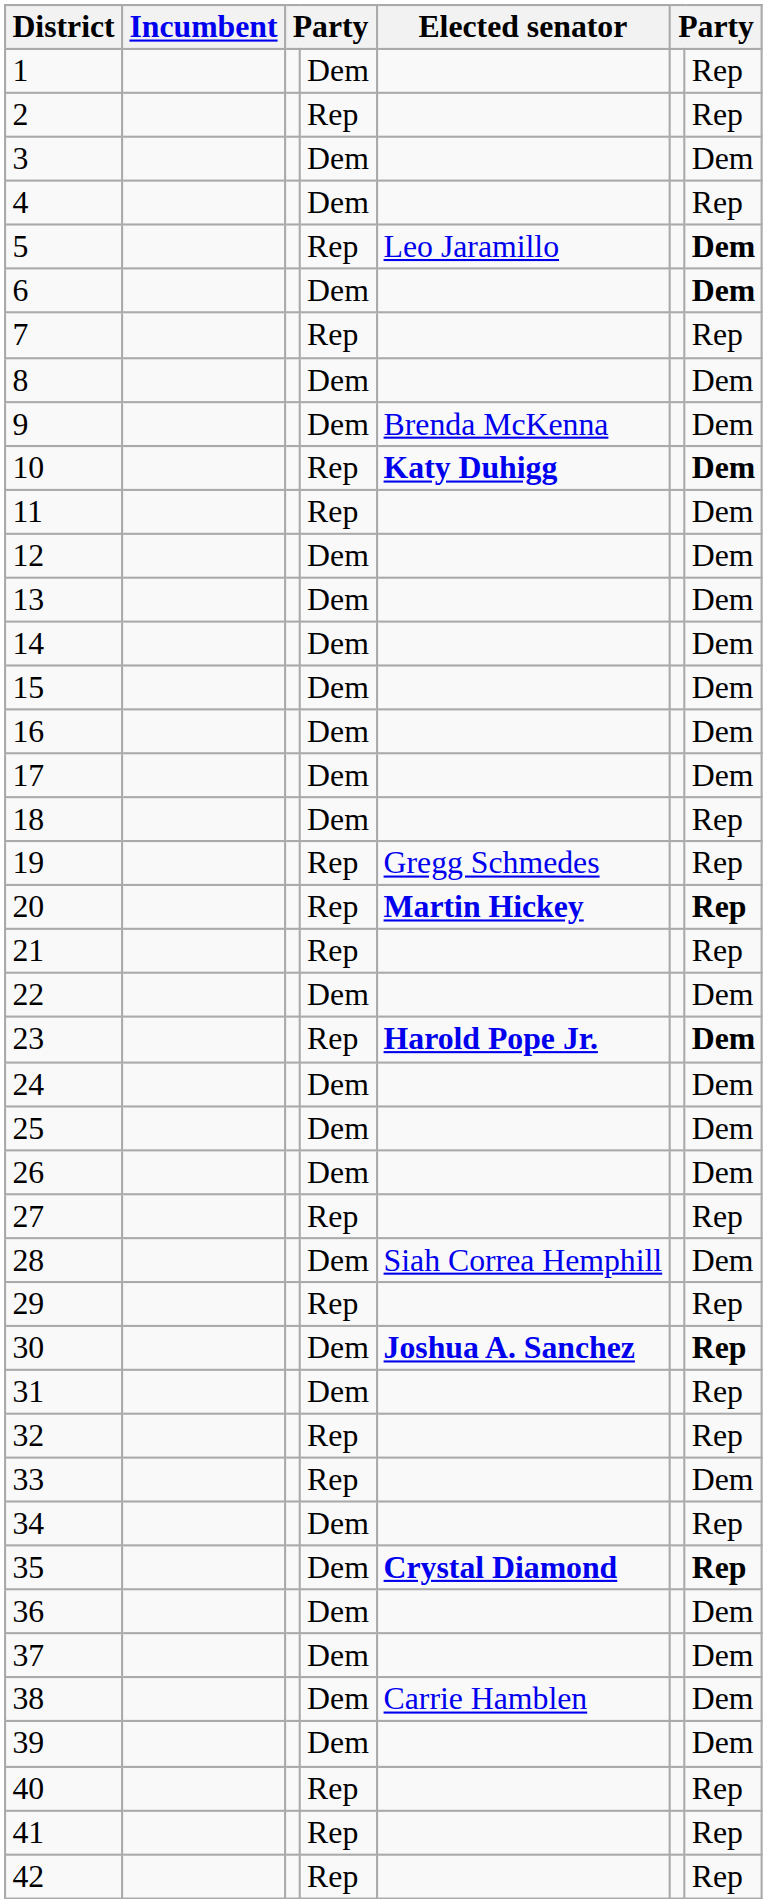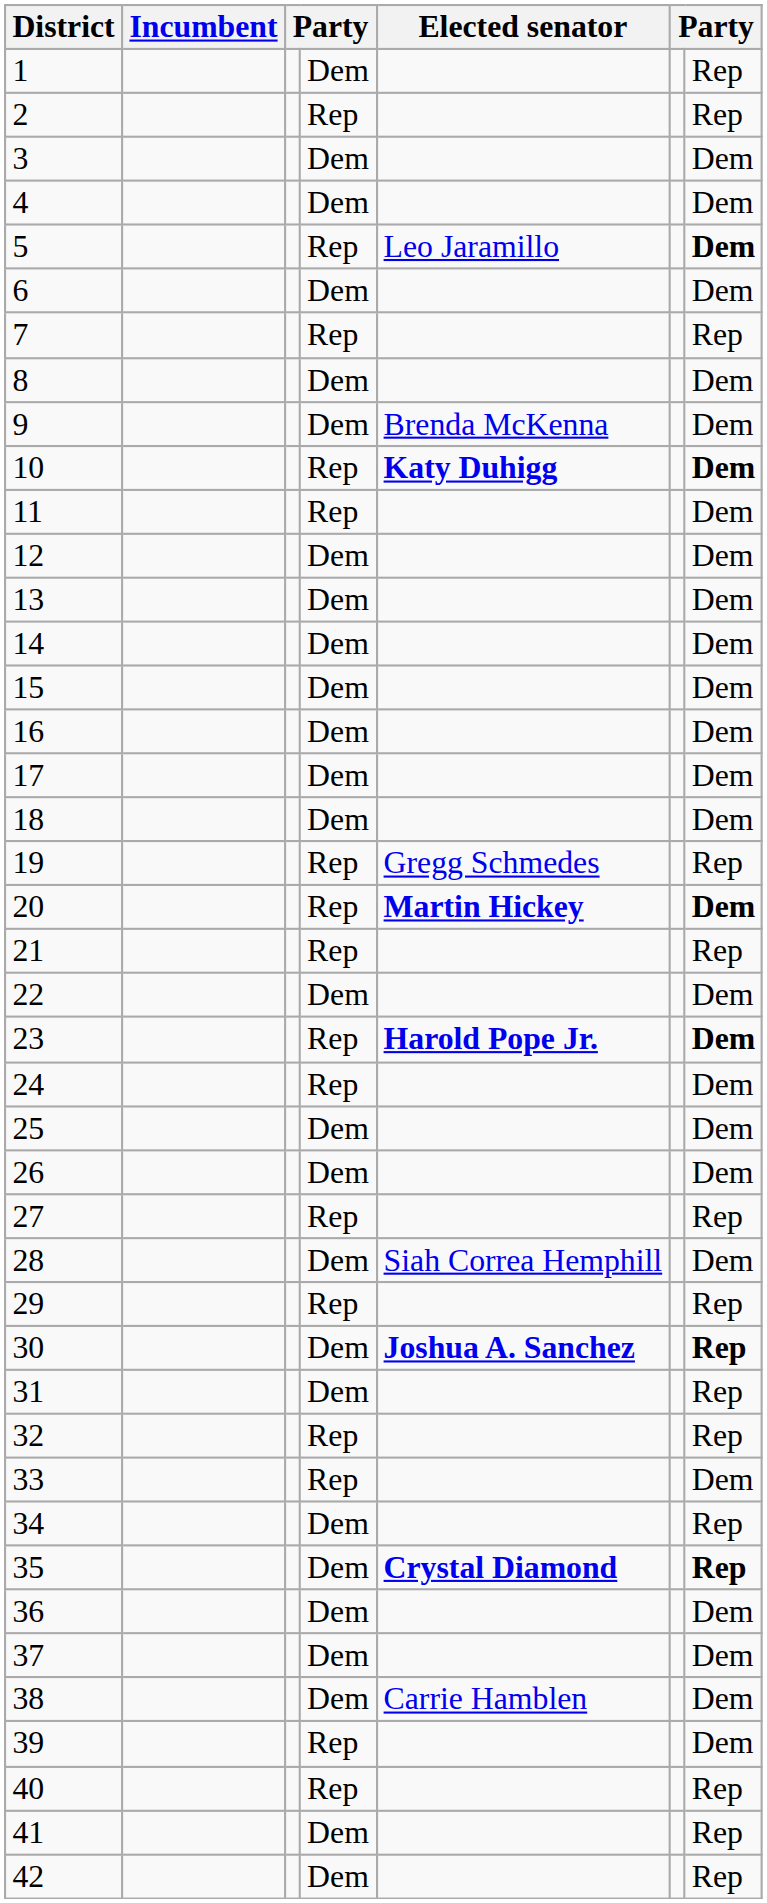 <table class="wikitable sortable" style="font-size:95%;line-height:14px;">
 <tr>
 <th>District</th>
 <th><a href='#'>Incumbent</a></th>
 <th colspan=2>Party</th>
 <th>Elected senator</th>
 <th colspan=2>Party</th>
 </tr>
 <tr>
 <td>1</td>
 <td></td>
 <td style="background:"></td>
 <td>Dem</td>
 <td></td>
 <td style="background:"></td>
 <td>Rep</td>
 </tr>
 <tr>
 <td>2</td>
 <td></td>
 <td style="background:"></td>
 <td>Rep</td>
 <td></td>
 <td style="background:"></td>
 <td>Rep</td>
 </tr>
 <tr>
 <td>3</td>
 <td></td>
 <td style="background:"></td>
 <td>Dem</td>
 <td></td>
 <td style="background:"></td>
 <td>Dem</td>
 </tr>
 <tr>
 <td>4</td>
 <td></td>
 <td style="background:"></td>
 <td>Dem</td>
 <td></td>
 <td style="background:"></td>
-<td>Rep</td>
+<td>Dem</td>
 </tr>
 <tr>
 <td>5</td>
 <td></td>
 <td style="background:"></td>
 <td>Rep</td>
 <td sortname><a href='#'>Leo Jaramillo</a></td>
 <td style="background:"></td>
 <td><strong>Dem</strong></td>
 </tr>
 <tr>
 <td>6</td>
 <td></td>
 <td style="background:"></td>
 <td>Dem</td>
 <td></td>
 <td style="background:"></td>
-<td><strong>Dem</strong></td>
+<td>Dem</td>
 </tr>
 <tr>
 <td>7</td>
 <td></td>
 <td style="background:"></td>
 <td>Rep</td>
 <td></td>
 <td style="background:"></td>
 <td>Rep</td>
 </tr>
 <tr>
 <td>8</td>
 <td></td>
 <td style="background:"></td>
 <td>Dem</td>
 <td></td>
 <td style="background:"></td>
 <td>Dem</td>
 </tr>
 <tr>
 <td>9</td>
 <td></td>
 <td style="background:"></td>
 <td>Dem</td>
 <td sortname><a href='#'>Brenda McKenna</a></td>
 <td style="background:"></td>
 <td>Dem</td>
 </tr>
 <tr>
 <td>10</td>
 <td></td>
 <td style="background:"></td>
 <td>Rep</td>
 <td sortname><strong><a href='#'>Katy Duhigg</a></strong></td>
 <td style="background:"></td>
 <td><strong>Dem</strong></td>
 </tr>
 <tr>
 <td>11</td>
 <td></td>
 <td style="background:"></td>
 <td>Rep</td>
 <td></td>
 <td style="background:"></td>
 <td>Dem</td>
 </tr>
 <tr>
 <td>12</td>
 <td></td>
 <td style="background:"></td>
 <td>Dem</td>
 <td></td>
 <td style="background:"></td>
 <td>Dem</td>
 </tr>
 <tr>
 <td>13</td>
 <td></td>
 <td style="background:"></td>
 <td>Dem</td>
 <td></td>
 <td style="background:"></td>
 <td>Dem</td>
 </tr>
 <tr>
 <td>14</td>
 <td></td>
 <td style="background:"></td>
 <td>Dem</td>
 <td></td>
 <td style="background:"></td>
 <td>Dem</td>
 </tr>
 <tr>
 <td>15</td>
 <td></td>
 <td style="background:"></td>
 <td>Dem</td>
 <td></td>
 <td style="background:"></td>
 <td>Dem</td>
 </tr>
 <tr>
 <td>16</td>
 <td></td>
 <td style="background:"></td>
 <td>Dem</td>
 <td></td>
 <td style="background:"></td>
 <td>Dem</td>
 </tr>
 <tr>
 <td>17</td>
 <td></td>
 <td style="background:"></td>
 <td>Dem</td>
 <td></td>
 <td style="background:"></td>
 <td>Dem</td>
 </tr>
 <tr>
 <td>18</td>
 <td></td>
 <td style="background:"></td>
 <td>Dem</td>
 <td></td>
 <td style="background:"></td>
-<td>Rep</td>
+<td>Dem</td>
 </tr>
 <tr>
 <td>19</td>
 <td></td>
 <td style="background:"></td>
 <td>Rep</td>
 <td sortname><a href='#'>Gregg Schmedes</a></td>
 <td style="background:"></td>
 <td>Rep</td>
 </tr>
 <tr>
 <td>20</td>
 <td></td>
 <td style="background:"></td>
 <td>Rep</td>
 <td sortname><strong><a href='#'>Martin Hickey</a></strong></td>
 <td style="background:"></td>
-<td><strong>Rep</strong></td>
+<td><strong>Dem</strong></td>
 </tr>
 <tr>
 <td>21</td>
 <td></td>
 <td style="background:"></td>
 <td>Rep</td>
 <td></td>
 <td style="background:"></td>
 <td>Rep</td>
 </tr>
 <tr>
 <td>22</td>
 <td></td>
 <td style="background:"></td>
 <td>Dem</td>
 <td></td>
 <td style="background:"></td>
 <td>Dem</td>
 </tr>
 <tr>
 <td>23</td>
 <td></td>
 <td style="background:"></td>
 <td>Rep</td>
 <td sortname><strong><a href='#'>Harold Pope Jr.</a></strong></td>
 <td style="background:"></td>
 <td><strong>Dem</strong></td>
 </tr>
 <tr>
 <td>24</td>
 <td></td>
 <td style="background:"></td>
-<td>Dem</td>
+<td>Rep</td>
 <td></td>
 <td style="background:"></td>
 <td>Dem</td>
 </tr>
 <tr>
 <td>25</td>
 <td></td>
 <td style="background:"></td>
 <td>Dem</td>
 <td></td>
 <td style="background:"></td>
 <td>Dem</td>
 </tr>
 <tr>
 <td>26</td>
 <td></td>
 <td style="background:"></td>
 <td>Dem</td>
 <td></td>
 <td style="background:"></td>
 <td>Dem</td>
 </tr>
 <tr>
 <td>27</td>
 <td></td>
 <td style="background:"></td>
 <td>Rep</td>
 <td></td>
 <td style="background:"></td>
 <td>Rep</td>
 </tr>
 <tr>
 <td>28</td>
 <td></td>
 <td style="background:"></td>
 <td>Dem</td>
 <td sortname><a href='#'>Siah Correa Hemphill</a></td>
 <td style="background:"></td>
 <td>Dem</td>
 </tr>
 <tr>
 <td>29</td>
 <td></td>
 <td style="background:"></td>
 <td>Rep</td>
 <td></td>
 <td style="background:"></td>
 <td>Rep</td>
 </tr>
 <tr>
 <td>30</td>
 <td></td>
 <td style="background:"></td>
 <td>Dem</td>
 <td sortname><strong><a href='#'>Joshua A. Sanchez</a></strong></td>
 <td style="background:"></td>
 <td><strong>Rep</strong></td>
 </tr>
 <tr>
 <td>31</td>
 <td></td>
 <td style="background:"></td>
 <td>Dem</td>
 <td></td>
 <td style="background:"></td>
 <td>Rep</td>
 </tr>
 <tr>
 <td>32</td>
 <td></td>
 <td style="background:"></td>
 <td>Rep</td>
 <td></td>
 <td style="background:"></td>
 <td>Rep</td>
 </tr>
 <tr>
 <td>33</td>
 <td></td>
 <td style="background:"></td>
 <td>Rep</td>
 <td></td>
 <td style="background:"></td>
 <td>Dem</td>
 </tr>
 <tr>
 <td>34</td>
 <td></td>
 <td style="background:"></td>
 <td>Dem</td>
 <td></td>
 <td style="background:"></td>
 <td>Rep</td>
 </tr>
 <tr>
 <td>35</td>
 <td></td>
 <td style="background:"></td>
 <td>Dem</td>
 <td sortname><strong><a href='#'>Crystal Diamond</a></strong></td>
 <td style="background:"></td>
 <td><strong>Rep</strong></td>
 </tr>
 <tr>
 <td>36</td>
 <td></td>
 <td style="background:"></td>
 <td>Dem</td>
 <td></td>
 <td style="background:"></td>
 <td>Dem</td>
 </tr>
 <tr>
 <td>37</td>
 <td></td>
 <td style="background:"></td>
 <td>Dem</td>
 <td></td>
 <td style="background:"></td>
 <td>Dem</td>
 </tr>
 <tr>
 <td>38</td>
 <td></td>
 <td style="background:"></td>
 <td>Dem</td>
 <td sortname><a href='#'>Carrie Hamblen</a></td>
 <td style="background:"></td>
 <td>Dem</td>
 </tr>
 <tr>
 <td>39</td>
 <td></td>
 <td style="background:"></td>
-<td>Dem</td>
+<td>Rep</td>
 <td></td>
 <td style="background:"></td>
 <td>Dem</td>
 </tr>
 <tr>
 <td>40</td>
 <td></td>
 <td style="background:"></td>
 <td>Rep</td>
 <td></td>
 <td style="background:"></td>
 <td>Rep</td>
 </tr>
 <tr>
 <td>41</td>
 <td></td>
 <td style="background:"></td>
-<td>Rep</td>
+<td>Dem</td>
 <td></td>
 <td style="background:"></td>
 <td>Rep</td>
 </tr>
 <tr>
 <td>42</td>
 <td></td>
 <td style="background:"></td>
-<td>Rep</td>
+<td>Dem</td>
 <td></td>
 <td style="background:"></td>
 <td>Rep</td>
 </tr>
 </table>
